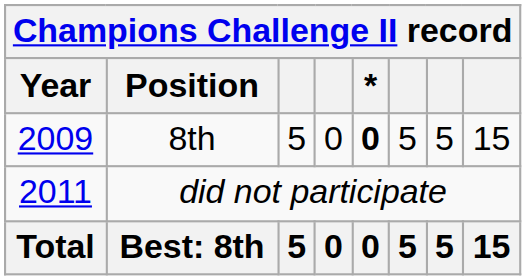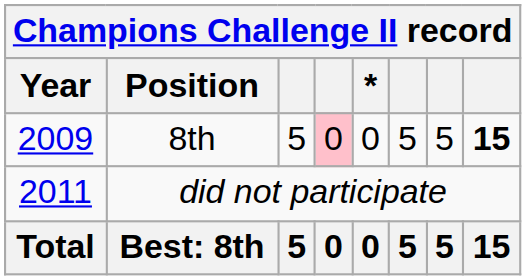 <table class="wikitable" style="text-align: center;">
 <tr>
 <th colspan=8><a href='#'>Champions Challenge II</a> record</th>
 </tr>
 <tr>
 <th>Year</th>
 <th>Position</th>
 <th></th>
 <th></th>
 <th>*</th>
 <th></th>
 <th></th>
 <th></th>
 </tr>
 <tr>
 <td> <a href='#'>2009</a></td>
 <td>8th</td>
 <td>5</td>
+<td style="background: pink;">0</td>
 <td>0</td>
-<td><strong>0</strong></td>
 <td>5</td>
 <td>5</td>
-<td>15</td>
+<td><strong>15</strong></td>
 </tr>
 <tr>
 <td> <a href='#'>2011</a></td>
 <td colspan=7><em>did not participate</em></td>
 </tr>
 <tr>
 <th>Total</th>
 <th>Best: 8th</th>
 <th>5</th>
 <th>0</th>
 <th>0</th>
 <th>5</th>
 <th>5</th>
 <th>15</th>
 </tr>
 </table>
